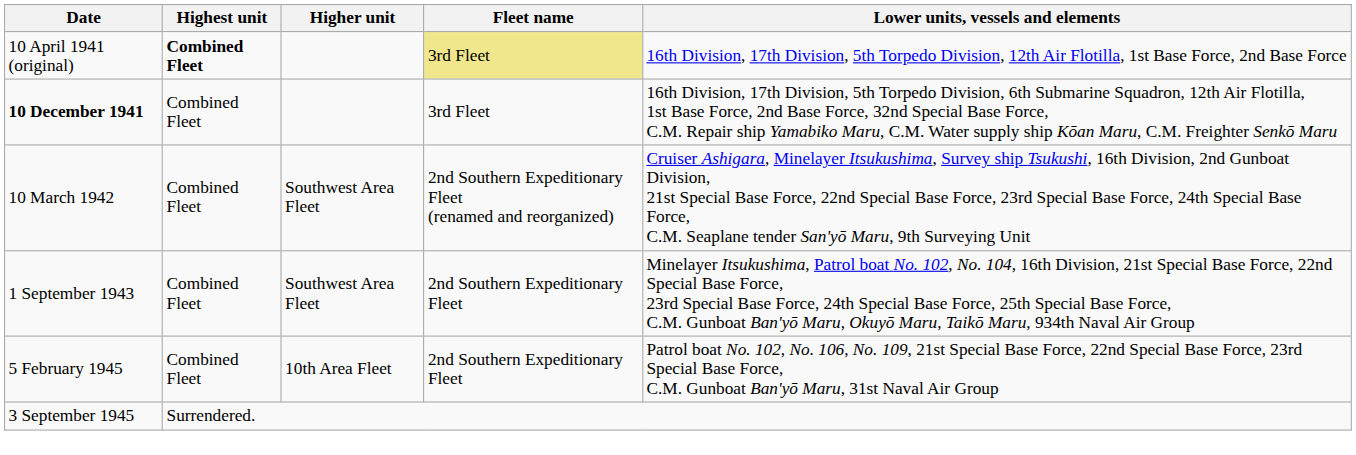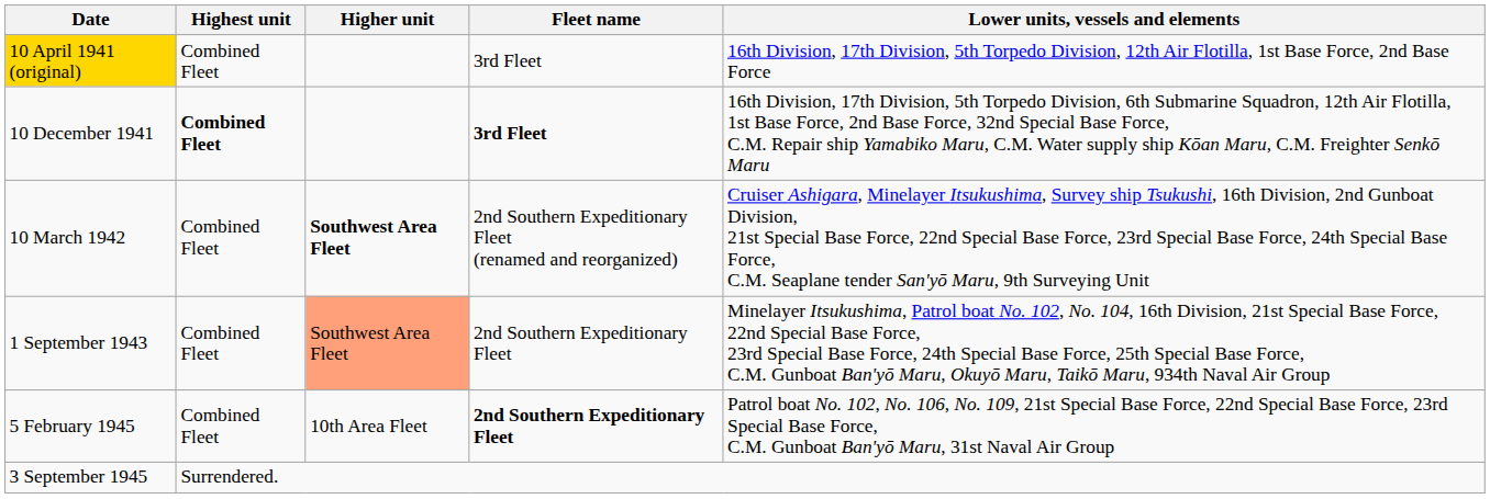 <table class="wikitable">
 <tr>
 <th>Date</th>
 <th>Highest unit</th>
 <th>Higher unit</th>
 <th>Fleet name</th>
 <th>Lower units, vessels and elements</th>
 </tr>
 <tr>
-<td>10 April 1941 (original)</td>
-<td><strong>Combined Fleet</strong></td>
+<td style="background: gold;">10 April 1941 (original)</td>
+<td>Combined Fleet</td>
 <td></td>
-<td style="background: khaki;">3rd Fleet</td>
+<td>3rd Fleet</td>
 <td><a href='#'>16th Division</a>, <a href='#'>17th Division</a>, <a href='#'>5th Torpedo Division</a>, <a href='#'>12th Air Flotilla</a>, 1st Base Force, 2nd Base Force</td>
 </tr>
 <tr>
-<td><strong>10 December 1941</strong></td>
-<td>Combined Fleet</td>
+<td>10 December 1941</td>
+<td><strong>Combined Fleet</strong></td>
 <td></td>
-<td>3rd Fleet</td>
+<td><strong>3rd Fleet</strong></td>
 <td>16th Division, 17th Division, 5th Torpedo Division, 6th Submarine Squadron, 12th Air Flotilla,<br>1st Base Force, 2nd Base Force, 32nd Special Base Force,<br>C.M. Repair ship <em>Yamabiko Maru</em>, C.M. Water supply ship <em>Kōan Maru</em>, C.M. Freighter <em>Senkō Maru</em></td>
 </tr>
 <tr>
 <td>10 March 1942</td>
 <td>Combined Fleet</td>
-<td>Southwest Area Fleet</td>
+<td><strong>Southwest Area Fleet</strong></td>
 <td>2nd Southern Expeditionary Fleet<br>(renamed and reorganized)</td>
 <td><a href='#'>Cruiser <em>Ashigara</em></a>, <a href='#'>Minelayer <em>Itsukushima</em></a>, <a href='#'>Survey ship <em>Tsukushi</em></a>, 16th Division, 2nd Gunboat Division,<br>21st Special Base Force, 22nd Special Base Force, 23rd Special Base Force, 24th Special Base Force,<br>C.M. Seaplane tender <em>San'yō Maru</em>, 9th Surveying Unit</td>
 </tr>
 <tr>
 <td>1 September 1943</td>
 <td>Combined Fleet</td>
-<td>Southwest Area Fleet</td>
+<td style="background: lightsalmon;">Southwest Area Fleet</td>
 <td>2nd Southern Expeditionary Fleet</td>
 <td>Minelayer <em>Itsukushima</em>, <a href='#'>Patrol boat <em>No. 102</em></a>, <em>No. 104</em>, 16th Division, 21st Special Base Force, 22nd Special Base Force,<br>23rd Special Base Force, 24th Special Base Force, 25th Special Base Force,<br>C.M. Gunboat <em>Ban'yō Maru</em>, <em>Okuyō Maru</em>, <em>Taikō Maru</em>, 934th Naval Air Group</td>
 </tr>
 <tr>
 <td>5 February 1945</td>
 <td>Combined Fleet</td>
 <td>10th Area Fleet</td>
-<td>2nd Southern Expeditionary Fleet</td>
+<td><strong>2nd Southern Expeditionary Fleet</strong></td>
 <td>Patrol boat <em>No. 102</em>, <em>No. 106</em>, <em>No. 109</em>, 21st Special Base Force, 22nd Special Base Force, 23rd Special Base Force,<br>C.M. Gunboat <em>Ban'yō Maru</em>, 31st Naval Air Group</td>
 </tr>
 <tr>
 <td>3 September 1945</td>
 <td colspan="4">Surrendered.</td>
 </tr>
 </table>
